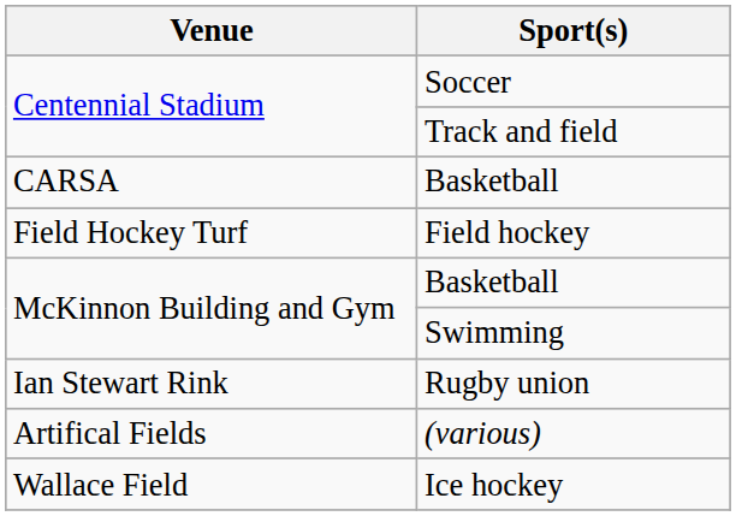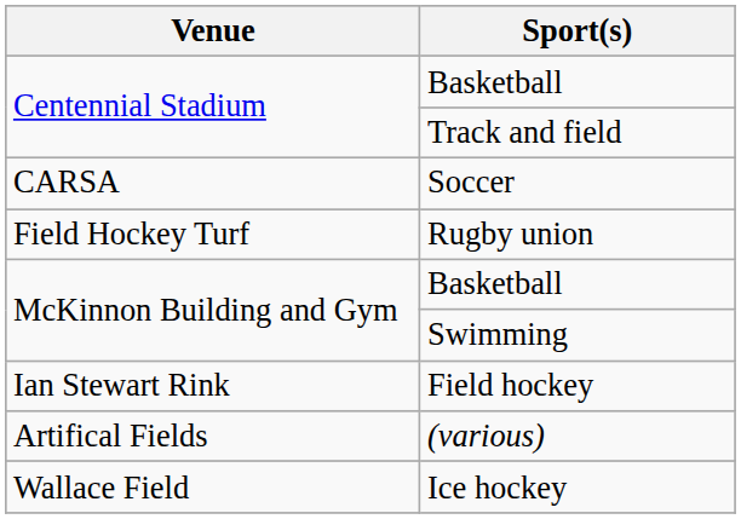 <table class="wikitable"; style= "text-align: ">
 <tr>
 <th width=200px>Venue</th>
 <th width=150px>Sport(s)</th>
 </tr>
 <tr>
 <td rowspan=2><a href='#'>Centennial Stadium</a></td>
-<td>Soccer</td>
+<td>Basketball</td>
 </tr>
 <tr>
 <td>Track and field</td>
 </tr>
 <tr>
 <td>CARSA </td>
-<td>Basketball</td>
+<td>Soccer</td>
 </tr>
 <tr>
 <td>Field Hockey Turf</td>
-<td>Field hockey</td>
+<td>Rugby union</td>
 </tr>
 <tr>
 <td rowspan=2>McKinnon Building and Gym</td>
 <td>Basketball</td>
 </tr>
 <tr>
 <td>Swimming</td>
 </tr>
 <tr>
 <td>Ian Stewart Rink</td>
-<td>Rugby union</td>
+<td>Field hockey</td>
 </tr>
 <tr>
 <td>Artifical Fields</td>
 <td><em>(various)</em></td>
 </tr>
 <tr>
 <td>Wallace Field</td>
 <td>Ice hockey</td>
 </tr>
 </table>
